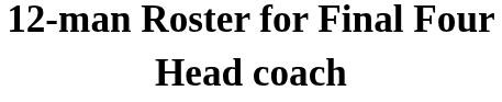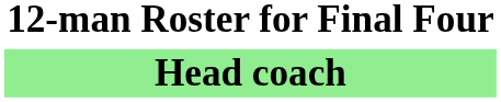 <table style="text-align: center; margin-top: 2em; margin-left: auto; margin-right: auto">
 <tr>
 <td><strong>12-man Roster for Final Four</strong></td>
 </tr>
 <tr>
-<td><strong>Head coach</strong></td>
+<td style="background: lightgreen;"><strong>Head coach</strong></td>
 </tr>
 <tr>
 </tr>
 </table>
